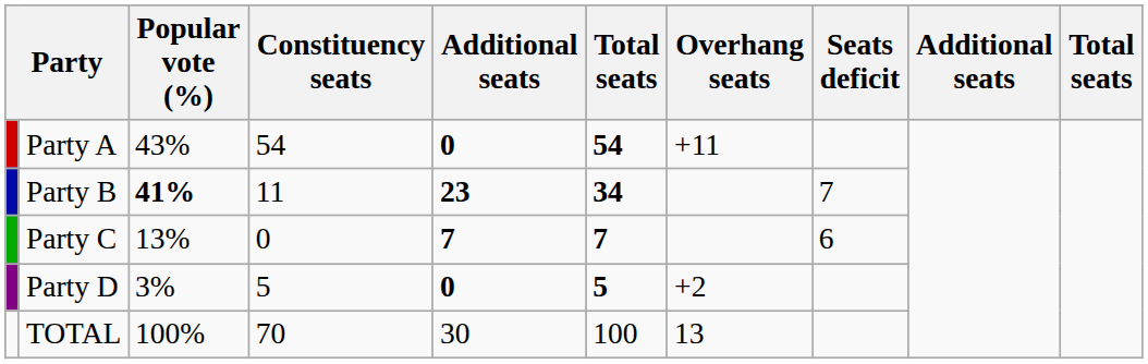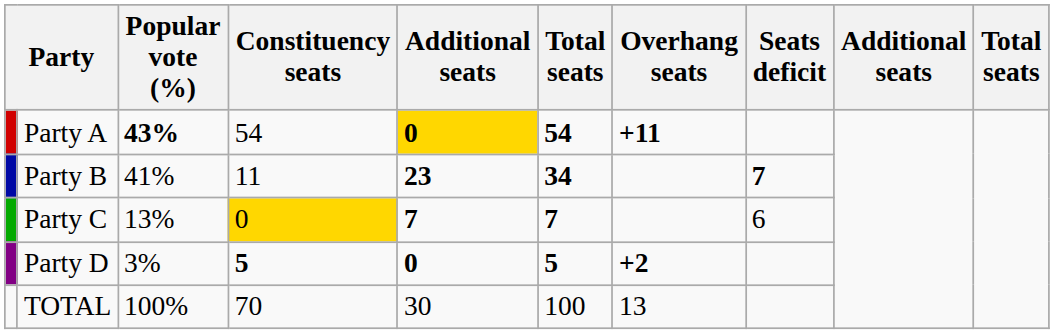 <table class="wikitable">
 <tr>
 <th colspan="2">Party</th>
 <th>Popular vote (%)</th>
 <th>Constituency seats</th>
 <th>Additional seats</th>
 <th>Total seats</th>
 <th>Overhang seats</th>
 <th>Seats deficit</th>
 <th>Additional seats</th>
 <th>Total seats</th>
 </tr>
 <tr>
 <td style="background:#D10000"></td>
 <td>Party A</td>
-<td>43%</td>
+<td><strong>43%</strong></td>
 <td>54</td>
-<td><strong>0</strong></td>
+<td style="background: gold;"><strong>0</strong></td>
 <td><strong>54</strong></td>
-<td>+11</td>
+<td><strong>+11</strong></td>
 <td></td>
 <td rowspan="5"></td>
 <td rowspan="5"></td>
 </tr>
 <tr>
 <td style="background:#0008A5"></td>
 <td>Party B</td>
-<td><strong>41%</strong></td>
+<td>41%</td>
 <td>11</td>
 <td><strong>23</strong></td>
 <td><strong>34</strong></td>
 <td></td>
-<td>7</td>
+<td><strong>7</strong></td>
 </tr>
 <tr>
 <td style="background:#03AA00"></td>
 <td>Party C</td>
 <td>13%</td>
-<td>0</td>
+<td style="background: gold;">0</td>
 <td><strong>7</strong></td>
 <td><strong>7</strong></td>
 <td></td>
 <td>6</td>
 </tr>
 <tr>
 <td style="background:#820084"></td>
 <td>Party D</td>
 <td>3%</td>
-<td>5</td>
+<td><strong>5</strong></td>
 <td><strong>0</strong></td>
 <td><strong>5</strong></td>
-<td>+2</td>
+<td><strong>+2</strong></td>
 <td></td>
 </tr>
 <tr>
 <td></td>
 <td>TOTAL</td>
 <td>100%</td>
 <td>70</td>
 <td>30</td>
 <td>100</td>
 <td>13</td>
 <td></td>
 </tr>
 </table>
